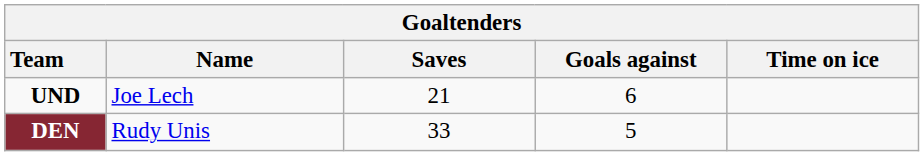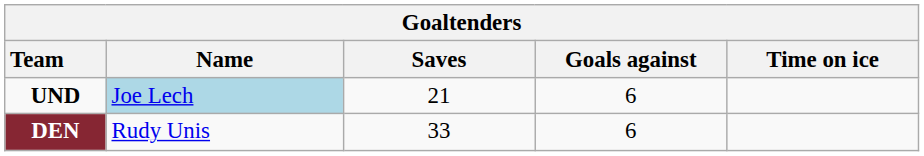 <table class="wikitable" style="width:40em; text-align:right;">
 <tr>
 <th colspan=5>Goaltenders</th>
 </tr>
 <tr>
 <th style="width:4em; text-align:left;">Team</th>
 <th style="width:10em;">Name</th>
 <th style="width:8em;">Saves</th>
 <th style="width:8em;">Goals against</th>
 <th style="width:8em;">Time on ice</th>
 </tr>
 <tr>
 <td align=center><strong>UND</strong></td>
-<td style="text-align:left;"><a href='#'>Joe Lech</a></td>
+<td style="background: lightblue; text-align:left;"><a href='#'>Joe Lech</a></td>
 <td align=center>21</td>
 <td align=center>6</td>
 <td align=center></td>
 </tr>
 <tr>
 <td align=center style="color:white; background:#862633; "><strong>DEN</strong></td>
 <td style="text-align:left;"><a href='#'>Rudy Unis</a></td>
 <td align=center>33</td>
-<td align=center>5</td>
+<td align=center>6</td>
 <td align=center></td>
 </tr>
 </table>
